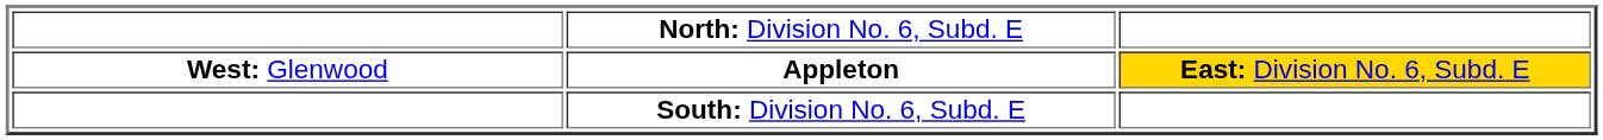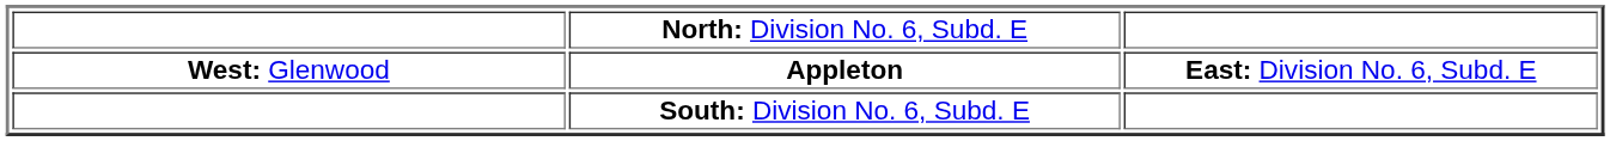 <table width ="75%" border ="2" align="center">
 <tr ---->
 <td width ="35%" align="center"></td>
 <td width ="30%" align="center"><strong>North:</strong> <a href='#'>Division No. 6, Subd. E</a></td>
 <td width ="35%" align="center"></td>
 </tr>
 <tr ---->
 <td width ="10%" align="center"><strong>West:</strong> <a href='#'>Glenwood</a> <br></td>
 <td width ="35%" align="center"><strong>Appleton</strong> <br></td>
-<td width ="30%" align="center" style="background: gold;"><strong>East:</strong> <a href='#'>Division No. 6, Subd. E</a></td>
+<td width ="30%" align="center"><strong>East:</strong> <a href='#'>Division No. 6, Subd. E</a></td>
 </tr>
 <tr ---->
 <td width ="35%" align="center"></td>
 <td width ="30%" align="center"><strong>South:</strong> <a href='#'>Division No. 6, Subd. E</a></td>
 <td width ="35%" align="center"></td>
 </tr>
 </table>
